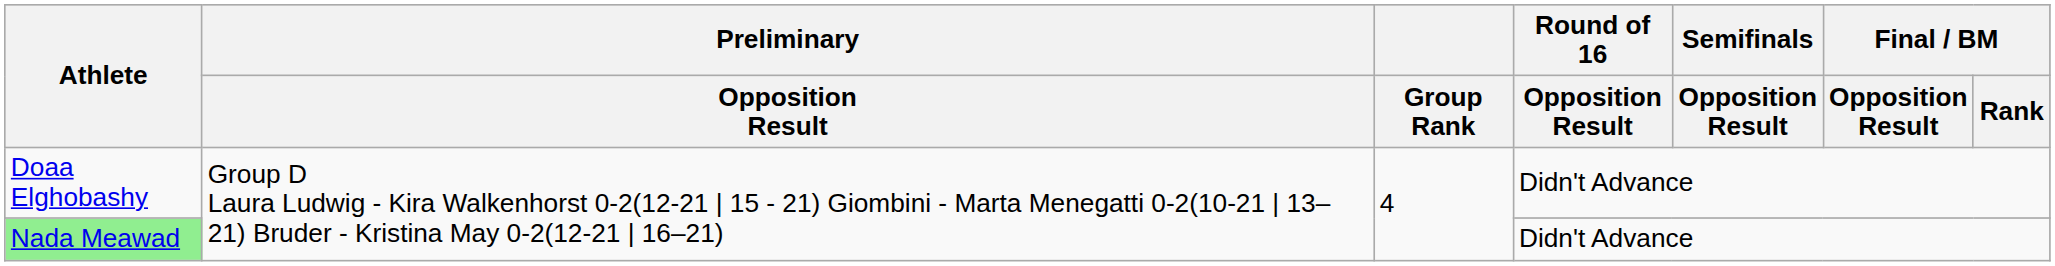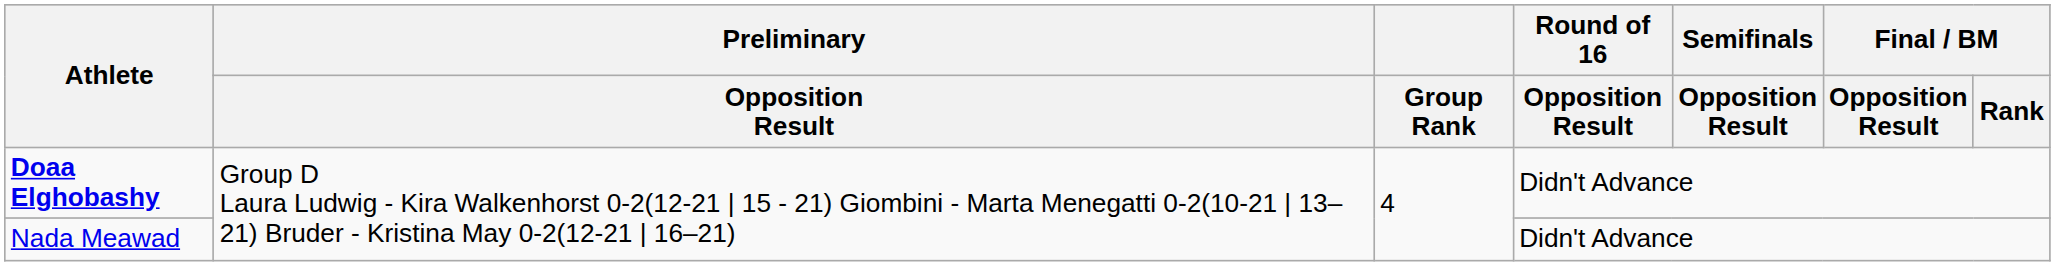 <table class="wikitable">
 <tr>
 <th rowspan="2">Athlete</th>
 <th>Preliminary</th>
 <th></th>
 <th>Round of 16</th>
 <th>Semifinals</th>
 <th colspan="2">Final / <abbr>BM</abbr></th>
 </tr>
 <tr>
 <th>Opposition<br>Result</th>
 <th>Group Rank</th>
 <th>Opposition<br>Result</th>
 <th>Opposition<br>Result</th>
 <th>Opposition<br>Result</th>
 <th>Rank</th>
 </tr>
 <tr>
-<td><a href='#'>Doaa Elghobashy</a></td>
+<td><strong><a href='#'>Doaa Elghobashy</a></strong></td>
 <td rowspan="2">Group D<br> Laura Ludwig - Kira Walkenhorst 0-2(12-21 | 15 - 21)  Giombini - Marta Menegatti 0-2(10-21 | 13–21)  Bruder - Kristina May 0-2(12-21 | 16–21)</td>
 <td rowspan="2">4</td>
 <td colspan="4">Didn't Advance</td>
 </tr>
 <tr>
-<td style="background: lightgreen;"><a href='#'>Nada Meawad</a></td>
+<td><a href='#'>Nada Meawad</a></td>
 <td colspan="4">Didn't Advance</td>
 </tr>
 </table>
